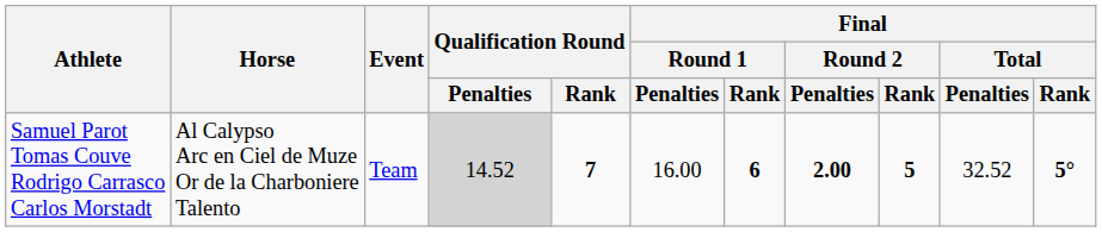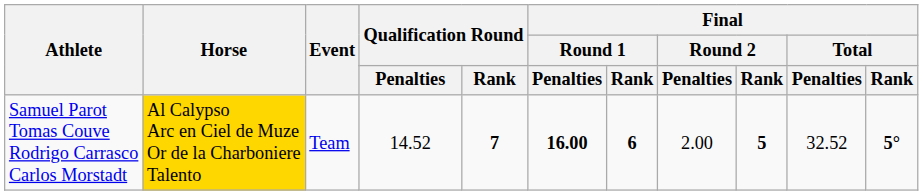 <table class=wikitable style="font-size:90%">
 <tr>
 <th rowspan=3>Athlete</th>
 <th rowspan=3>Horse</th>
 <th rowspan=3>Event</th>
 <th colspan=2 rowspan=2>Qualification Round</th>
 <th colspan=8>Final</th>
 </tr>
 <tr>
 <th colspan=2>Round 1</th>
 <th colspan=2>Round 2</th>
 <th colspan=2>Total</th>
 </tr>
 <tr>
 <th>Penalties</th>
 <th>Rank</th>
 <th>Penalties</th>
 <th>Rank</th>
 <th>Penalties</th>
 <th>Rank</th>
 <th>Penalties</th>
 <th>Rank</th>
 </tr>
 <tr>
 <td><a href='#'>Samuel Parot</a><br><a href='#'>Tomas Couve</a><br><a href='#'>Rodrigo Carrasco</a><br><a href='#'>Carlos Morstadt</a></td>
-<td>Al Calypso<br>Arc en Ciel de Muze<br>Or de la Charboniere<br>Talento</td>
+<td style="background: gold;">Al Calypso<br>Arc en Ciel de Muze<br>Or de la Charboniere<br>Talento</td>
 <td><a href='#'>Team</a></td>
-<td align=center style="background: lightgrey;">14.52</td>
+<td align=center>14.52</td>
 <td align=center><strong>7</strong></td>
-<td align=center>16.00</td>
+<td align=center><strong>16.00</strong></td>
 <td align=center><strong>6</strong></td>
-<td align=center><strong>2.00</strong></td>
+<td align=center>2.00</td>
 <td align=center><strong>5</strong></td>
 <td align=center>32.52</td>
 <td align=center><strong>5°</strong></td>
 </tr>
 </table>
